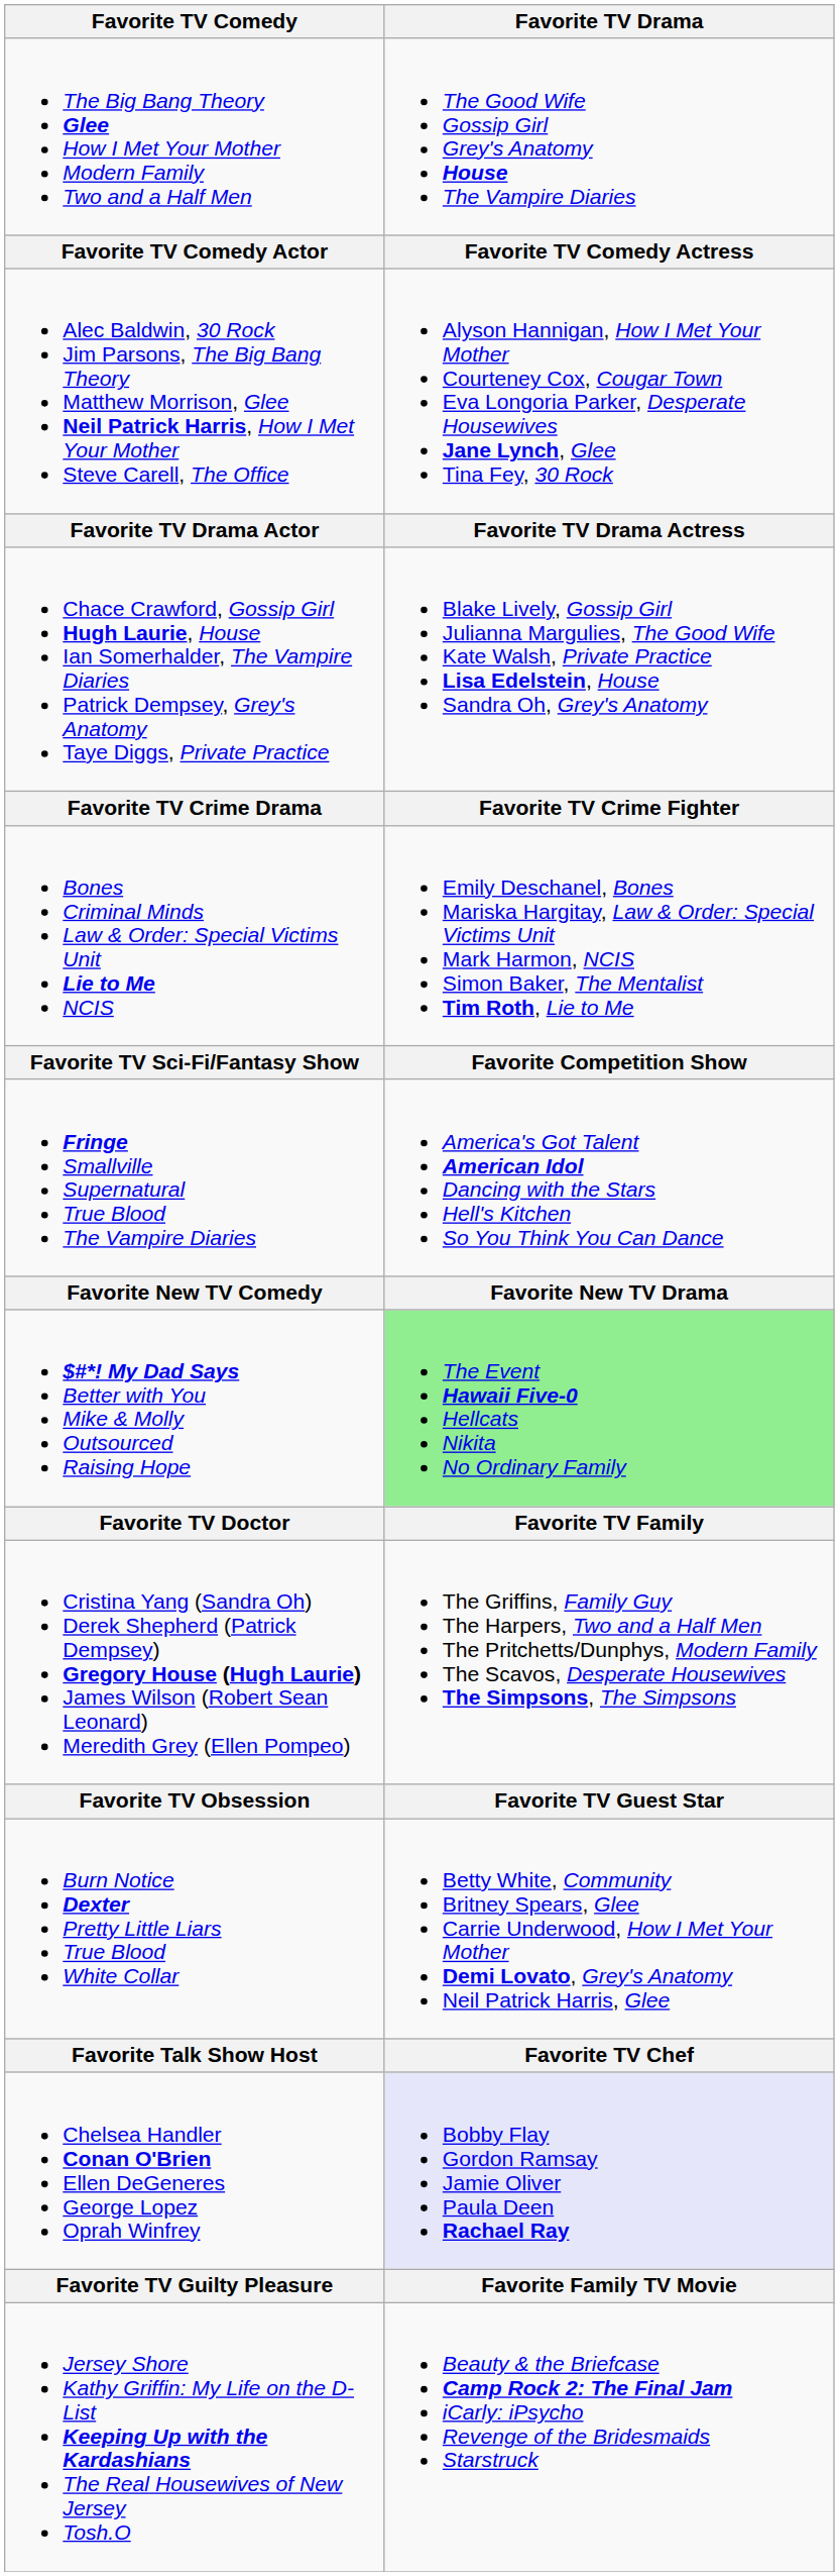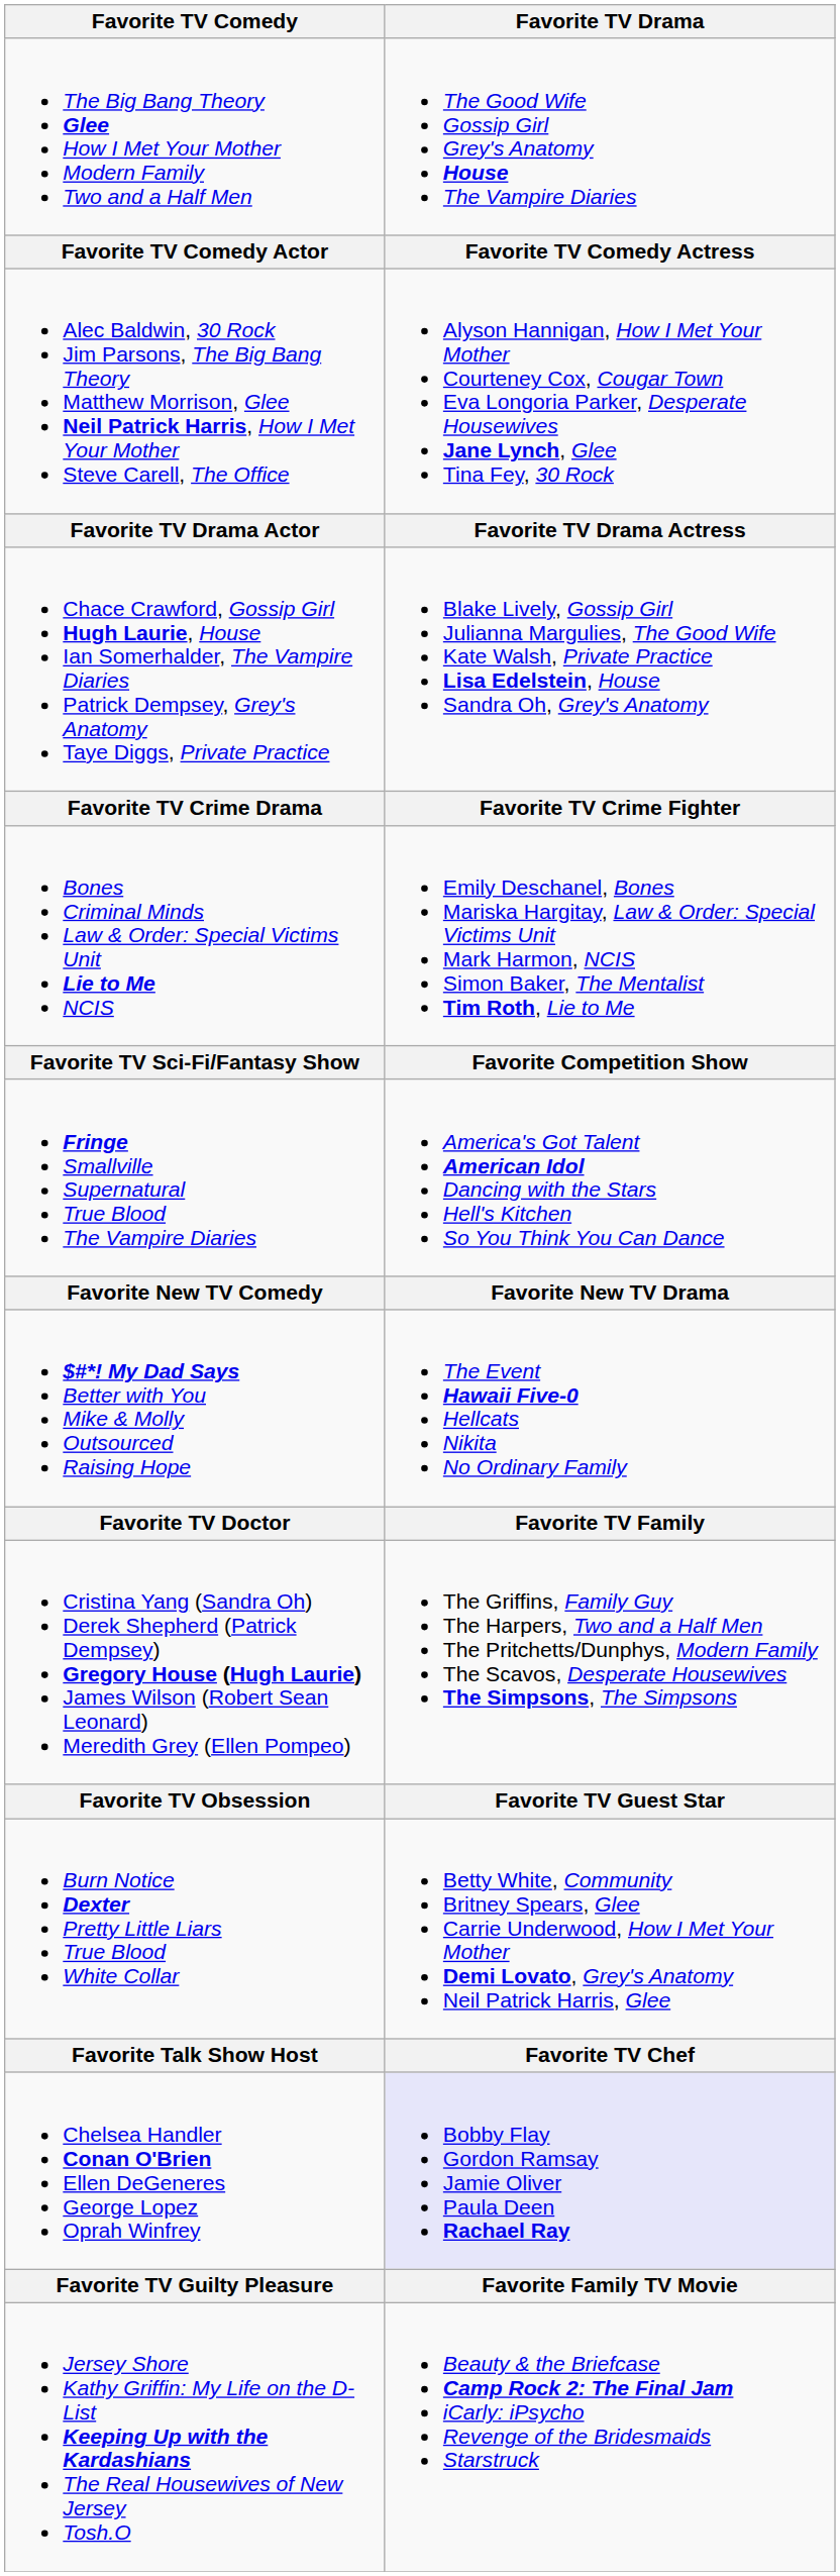 <table class="wikitable" width=100%>
 <tr>
 <th>Favorite TV Comedy</th>
 <th>Favorite TV Drama</th>
 </tr>
 <tr>
 <td valign="top"><br><ul><li><em><a href='#'>The Big Bang Theory</a></em></li><li><strong><em><a href='#'>Glee</a></em></strong></li><li><em><a href='#'>How I Met Your Mother</a></em></li><li><em><a href='#'>Modern Family</a></em></li><li><em><a href='#'>Two and a Half Men</a></em></li></ul></td>
 <td valign="top"><br><ul><li><em><a href='#'>The Good Wife</a></em></li><li><em><a href='#'>Gossip Girl</a></em></li><li><em><a href='#'>Grey's Anatomy</a></em></li><li><strong><em><a href='#'>House</a></em></strong></li><li><em><a href='#'>The Vampire Diaries</a></em></li></ul></td>
 </tr>
 <tr>
 <th>Favorite TV Comedy Actor</th>
 <th>Favorite TV Comedy Actress</th>
 </tr>
 <tr>
 <td valign="top"><br><ul><li><a href='#'>Alec Baldwin</a>, <em><a href='#'>30 Rock</a></em></li><li><a href='#'>Jim Parsons</a>, <em><a href='#'>The Big Bang Theory</a></em></li><li><a href='#'>Matthew Morrison</a>, <em><a href='#'>Glee</a></em></li><li><strong><a href='#'>Neil Patrick Harris</a></strong>, <em><a href='#'>How I Met Your Mother</a></em></li><li><a href='#'>Steve Carell</a>, <em><a href='#'>The Office</a></em></li></ul></td>
 <td valign="top"><br><ul><li><a href='#'>Alyson Hannigan</a>, <em><a href='#'>How I Met Your Mother</a></em></li><li><a href='#'>Courteney Cox</a>, <em><a href='#'>Cougar Town</a></em></li><li><a href='#'>Eva Longoria Parker</a>, <em><a href='#'>Desperate Housewives</a></em></li><li><strong><a href='#'>Jane Lynch</a></strong>, <em><a href='#'>Glee</a></em></li><li><a href='#'>Tina Fey</a>, <em><a href='#'>30 Rock</a></em></li></ul></td>
 </tr>
 <tr>
 <th>Favorite TV Drama Actor</th>
 <th>Favorite TV Drama Actress</th>
 </tr>
 <tr>
 <td valign="top"><br><ul><li><a href='#'>Chace Crawford</a>, <em><a href='#'>Gossip Girl</a></em></li><li><strong><a href='#'>Hugh Laurie</a></strong>, <em><a href='#'>House</a></em></li><li><a href='#'>Ian Somerhalder</a>, <em><a href='#'>The Vampire Diaries</a></em></li><li><a href='#'>Patrick Dempsey</a>, <em><a href='#'>Grey's Anatomy</a></em></li><li><a href='#'>Taye Diggs</a>, <em><a href='#'>Private Practice</a></em></li></ul></td>
 <td valign="top"><br><ul><li><a href='#'>Blake Lively</a>, <em><a href='#'>Gossip Girl</a></em></li><li><a href='#'>Julianna Margulies</a>, <em><a href='#'>The Good Wife</a></em></li><li><a href='#'>Kate Walsh</a>, <em><a href='#'>Private Practice</a></em></li><li><strong><a href='#'>Lisa Edelstein</a></strong>, <em><a href='#'>House</a></em></li><li><a href='#'>Sandra Oh</a>, <em><a href='#'>Grey's Anatomy</a></em></li></ul></td>
 </tr>
 <tr>
 <th>Favorite TV Crime Drama</th>
 <th>Favorite TV Crime Fighter</th>
 </tr>
 <tr>
 <td valign="top"><br><ul><li><em><a href='#'>Bones</a></em></li><li><em><a href='#'>Criminal Minds</a></em></li><li><em><a href='#'>Law & Order: Special Victims Unit</a></em></li><li><strong><em><a href='#'>Lie to Me</a></em></strong></li><li><em><a href='#'>NCIS</a></em></li></ul></td>
 <td valign="top"><br><ul><li><a href='#'>Emily Deschanel</a>, <em><a href='#'>Bones</a></em></li><li><a href='#'>Mariska Hargitay</a>, <em><a href='#'>Law & Order: Special Victims Unit</a></em></li><li><a href='#'>Mark Harmon</a>, <em><a href='#'>NCIS</a></em></li><li><a href='#'>Simon Baker</a>, <em><a href='#'>The Mentalist</a></em></li><li><strong><a href='#'>Tim Roth</a></strong>, <em><a href='#'>Lie to Me</a></em></li></ul></td>
 </tr>
 <tr>
 <th>Favorite TV Sci-Fi/Fantasy Show</th>
 <th>Favorite Competition Show</th>
 </tr>
 <tr>
 <td valign="top"><br><ul><li><strong><em><a href='#'>Fringe</a></em></strong></li><li><em><a href='#'>Smallville</a></em></li><li><em><a href='#'>Supernatural</a></em></li><li><em><a href='#'>True Blood</a></em></li><li><em><a href='#'>The Vampire Diaries</a></em></li></ul></td>
 <td valign="top"><br><ul><li><em><a href='#'>America's Got Talent</a></em></li><li><strong><em><a href='#'>American Idol</a></em></strong></li><li><em><a href='#'>Dancing with the Stars</a></em></li><li><em><a href='#'>Hell's Kitchen</a></em></li><li><em><a href='#'>So You Think You Can Dance</a></em></li></ul></td>
 </tr>
 <tr>
 <th>Favorite New TV Comedy</th>
 <th>Favorite New TV Drama</th>
 </tr>
 <tr>
 <td valign="top"><br><ul><li><strong><em><a href='#'>$#*! My Dad Says</a></em></strong></li><li><em><a href='#'>Better with You</a></em></li><li><em><a href='#'>Mike & Molly</a></em></li><li><em><a href='#'>Outsourced</a></em></li><li><em><a href='#'>Raising Hope</a></em></li></ul></td>
-<td valign="top" style="background: lightgreen;"><br><ul><li><em><a href='#'>The Event</a></em></li><li><strong><em><a href='#'>Hawaii Five-0</a></em></strong></li><li><em><a href='#'>Hellcats</a></em></li><li><em><a href='#'>Nikita</a></em></li><li><em><a href='#'>No Ordinary Family</a></em></li></ul></td>
+<td valign="top"><br><ul><li><em><a href='#'>The Event</a></em></li><li><strong><em><a href='#'>Hawaii Five-0</a></em></strong></li><li><em><a href='#'>Hellcats</a></em></li><li><em><a href='#'>Nikita</a></em></li><li><em><a href='#'>No Ordinary Family</a></em></li></ul></td>
 </tr>
 <tr>
 <th>Favorite TV Doctor</th>
 <th>Favorite TV Family</th>
 </tr>
 <tr>
 <td valign="top"><br><ul><li><a href='#'>Cristina Yang</a> (<a href='#'>Sandra Oh</a>)</li><li><a href='#'>Derek Shepherd</a> (<a href='#'>Patrick Dempsey</a>)</li><li><strong><a href='#'>Gregory House</a> (<a href='#'>Hugh Laurie</a>)</strong></li><li><a href='#'>James Wilson</a> (<a href='#'>Robert Sean Leonard</a>)</li><li><a href='#'>Meredith Grey</a> (<a href='#'>Ellen Pompeo</a>)</li></ul></td>
 <td valign="top"><br><ul><li>The Griffins, <em><a href='#'>Family Guy</a></em></li><li>The Harpers, <em><a href='#'>Two and a Half Men</a></em></li><li>The Pritchetts/Dunphys, <em><a href='#'>Modern Family</a></em></li><li>The Scavos, <em><a href='#'>Desperate Housewives</a></em></li><li><strong><a href='#'>The Simpsons</a></strong>, <em><a href='#'>The Simpsons</a></em></li></ul></td>
 </tr>
 <tr>
 <th>Favorite TV Obsession</th>
 <th>Favorite TV Guest Star</th>
 </tr>
 <tr>
 <td valign="top"><br><ul><li><em><a href='#'>Burn Notice</a></em></li><li><strong><em><a href='#'>Dexter</a></em></strong></li><li><em><a href='#'>Pretty Little Liars</a></em></li><li><em><a href='#'>True Blood</a></em></li><li><em><a href='#'>White Collar</a></em></li></ul></td>
 <td valign="top"><br><ul><li><a href='#'>Betty White</a>, <em><a href='#'>Community</a></em></li><li><a href='#'>Britney Spears</a>, <em><a href='#'>Glee</a></em></li><li><a href='#'>Carrie Underwood</a>, <em><a href='#'>How I Met Your Mother</a></em></li><li><strong><a href='#'>Demi Lovato</a></strong>, <em><a href='#'>Grey's Anatomy</a></em></li><li><a href='#'>Neil Patrick Harris</a>, <em><a href='#'>Glee</a></em></li></ul></td>
 </tr>
 <tr>
 <th>Favorite Talk Show Host</th>
 <th>Favorite TV Chef</th>
 </tr>
 <tr>
 <td valign="top"><br><ul><li><a href='#'>Chelsea Handler</a></li><li><strong><a href='#'>Conan O'Brien</a></strong></li><li><a href='#'>Ellen DeGeneres</a></li><li><a href='#'>George Lopez</a></li><li><a href='#'>Oprah Winfrey</a></li></ul></td>
 <td valign="top" style="background: lavender;"><br><ul><li><a href='#'>Bobby Flay</a></li><li><a href='#'>Gordon Ramsay</a></li><li><a href='#'>Jamie Oliver</a></li><li><a href='#'>Paula Deen</a></li><li><strong><a href='#'>Rachael Ray</a></strong></li></ul></td>
 </tr>
 <tr>
 <th>Favorite TV Guilty Pleasure</th>
 <th>Favorite Family TV Movie</th>
 </tr>
 <tr>
 <td valign="top"><br><ul><li><em><a href='#'>Jersey Shore</a></em></li><li><em><a href='#'>Kathy Griffin: My Life on the D-List</a></em></li><li><strong><em><a href='#'>Keeping Up with the Kardashians</a></em></strong></li><li><em><a href='#'>The Real Housewives of New Jersey</a></em></li><li><em><a href='#'>Tosh.O</a></em></li></ul></td>
 <td valign="top"><br><ul><li><em><a href='#'>Beauty & the Briefcase</a></em></li><li><strong><em><a href='#'>Camp Rock 2: The Final Jam</a></em></strong></li><li><em><a href='#'>iCarly: iPsycho</a></em></li><li><em><a href='#'>Revenge of the Bridesmaids</a></em></li><li><em><a href='#'>Starstruck</a></em></li></ul></td>
 </tr>
 </table>
